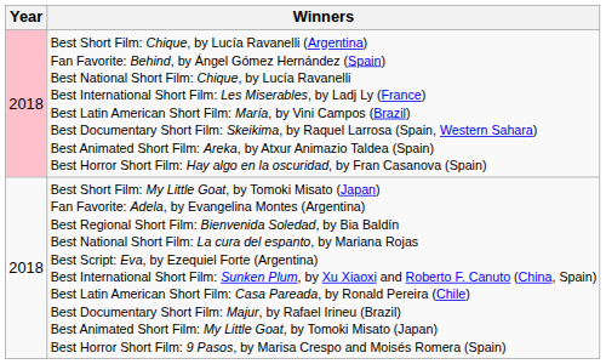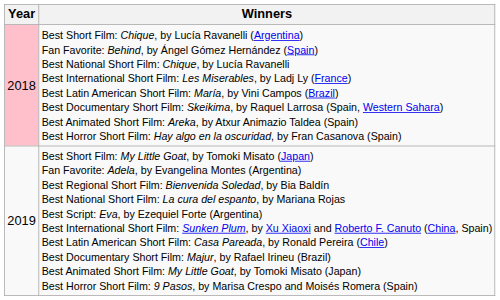 <table class="wikitable">
 <tr>
 <th>Year</th>
 <th>Winners</th>
 </tr>
 <tr>
 <td style="background: pink;">2018</td>
 <td><small>Best Short Film: <em>Chique</em>, by Lucía Ravanelli (<a href='#'>Argentina</a>)<br>Fan Favorite: <em>Behind</em>, by Ángel Gómez Hernández (<a href='#'>Spain</a>)<br>Best National Short Film: <em>Chique</em>, by Lucía Ravanelli<br>Best International Short Film: <em>Les Miserables</em>, by Ladj Ly (<a href='#'>France</a>)<br>Best Latin American Short Film: <em>María</em>, by Vini Campos (<a href='#'>Brazil</a>)<br>Best Documentary Short Film: <em>Skeikima</em>, by Raquel Larrosa (Spain, <a href='#'>Western Sahara</a>)<br>Best Animated Short Film: <em>Areka</em>, by Atxur Animazio Taldea (Spain)<br>Best Horror Short Film: <em>Hay algo en la oscuridad</em>, by Fran Casanova (Spain)</small></td>
 </tr>
 <tr>
-<td>2018</td>
+<td>2019</td>
 <td><small>Best Short Film: <em>My Little Goat</em>, by Tomoki Misato (<a href='#'>Japan</a>)<br>Fan Favorite: <em>Adela</em>, by Evangelina Montes (Argentina)<br> Best Regional Short Film: <em>Bienvenida Soledad</em>, by Bia Baldín<br>Best National Short Film: <em>La cura del espanto</em>, by Mariana Rojas<br>Best Script: <em>Eva</em>, by Ezequiel Forte (Argentina)<br>Best International Short Film: <em><a href='#'>Sunken Plum</a></em>, by <a href='#'>Xu Xiaoxi</a> and <a href='#'>Roberto F. Canuto</a> (<a href='#'>China</a>, Spain)<br>Best Latin American Short Film: <em>Casa Pareada</em>, by Ronald Pereira (<a href='#'>Chile</a>)<br>Best Documentary Short Film: <em>Majur</em>, by Rafael Irineu (Brazil)<br>Best Animated Short Film: <em>My Little Goat</em>, by Tomoki Misato (Japan)<br>Best Horror Short Film: <em>9 Pasos</em>, by Marisa Crespo and Moisés Romera (Spain)</small></td>
 </tr>
 </table>
